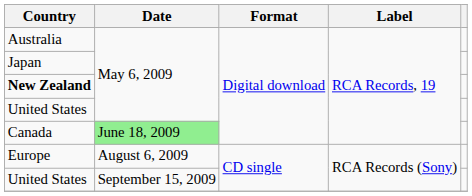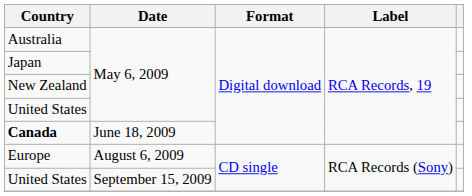 <table class="wikitable">
 <tr>
 <th>Country</th>
 <th>Date</th>
 <th>Format</th>
 <th>Label</th>
 <th></th>
 </tr>
 <tr>
 <td>Australia</td>
 <td rowspan="4">May 6, 2009</td>
 <td rowspan="5"><a href='#'>Digital download</a></td>
 <td rowspan="5"><a href='#'>RCA Records</a>, <a href='#'>19</a></td>
 <td></td>
 </tr>
 <tr>
 <td>Japan</td>
 <td></td>
 </tr>
 <tr>
-<td><strong>New Zealand</strong></td>
+<td>New Zealand</td>
 <td></td>
 </tr>
 <tr>
 <td>United States</td>
 <td></td>
 </tr>
 <tr>
-<td>Canada</td>
-<td style="background: lightgreen;">June 18, 2009</td>
+<td><strong>Canada</strong></td>
+<td>June 18, 2009</td>
 <td></td>
 </tr>
 <tr>
 <td>Europe</td>
 <td>August 6, 2009</td>
 <td rowspan="2"><a href='#'>CD single</a></td>
 <td rowspan="2">RCA Records (<a href='#'>Sony</a>)</td>
 <td></td>
 </tr>
 <tr>
 <td>United States</td>
 <td>September 15, 2009</td>
 <td></td>
 </tr>
 <tr>
 </tr>
 </table>
